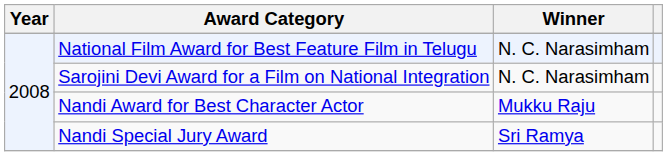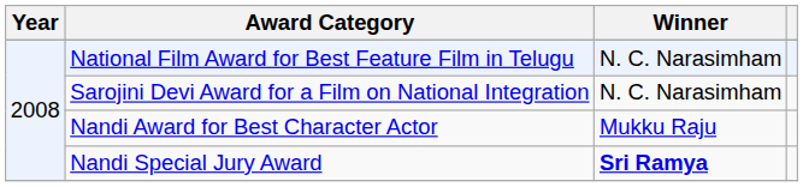 <table class="wikitable">
 <tr>
 <th>Year</th>
 <th>Award Category</th>
 <th>Winner</th>
 <th></th>
 </tr>
 <tr>
 </tr>
 <tr bgcolor=#edf3fe>
 <td rowspan="4">2008</td>
 <td><a href='#'>National Film Award for Best Feature Film in Telugu</a></td>
 <td>N. C. Narasimham</td>
 <td></td>
 </tr>
 <tr>
 <td><a href='#'>Sarojini Devi Award for a Film on National Integration</a></td>
 <td>N. C. Narasimham</td>
 <td></td>
 </tr>
 <tr>
 <td><a href='#'>Nandi Award for Best Character Actor</a></td>
 <td><a href='#'>Mukku Raju</a></td>
 <td></td>
 </tr>
 <tr>
 <td><a href='#'>Nandi Special Jury Award</a></td>
-<td><a href='#'>Sri Ramya</a></td>
+<td><strong><a href='#'>Sri Ramya</a></strong></td>
 <td></td>
 </tr>
 <tr>
 </tr>
 </table>
